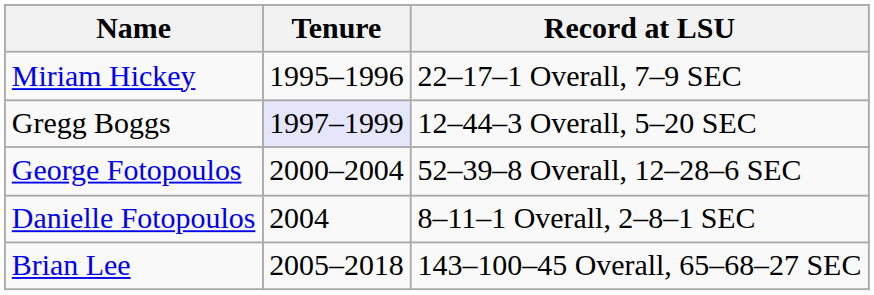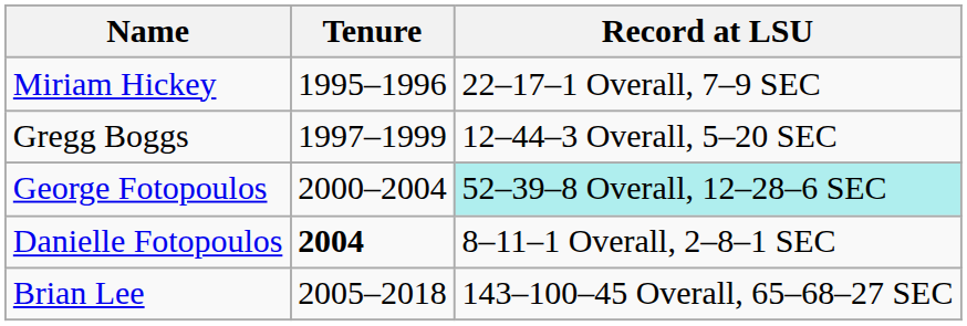 <table class="wikitable sortable">
 <tr>
 <th>Name</th>
 <th>Tenure</th>
 <th>Record at LSU</th>
 </tr>
 <tr>
 <td><a href='#'>Miriam Hickey</a></td>
 <td>1995–1996</td>
 <td>22–17–1 Overall, 7–9 SEC</td>
 </tr>
 <tr>
 <td>Gregg Boggs</td>
-<td style="background: lavender;">1997–1999</td>
+<td>1997–1999</td>
 <td>12–44–3 Overall, 5–20 SEC</td>
 </tr>
 <tr>
 <td><a href='#'>George Fotopoulos</a></td>
 <td>2000–2004</td>
-<td>52–39–8 Overall, 12–28–6 SEC</td>
+<td style="background: paleturquoise;">52–39–8 Overall, 12–28–6 SEC</td>
 </tr>
 <tr>
 <td><a href='#'>Danielle Fotopoulos</a></td>
-<td>2004</td>
+<td><strong>2004</strong></td>
 <td>8–11–1 Overall, 2–8–1 SEC</td>
 </tr>
 <tr>
 <td><a href='#'>Brian Lee</a></td>
 <td>2005–2018</td>
 <td>143–100–45 Overall, 65–68–27 SEC</td>
 </tr>
 </table>
